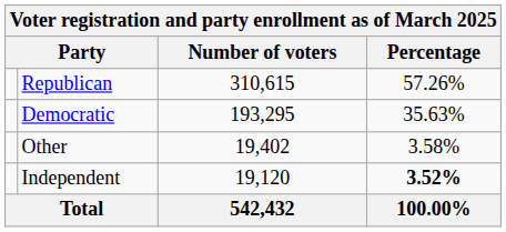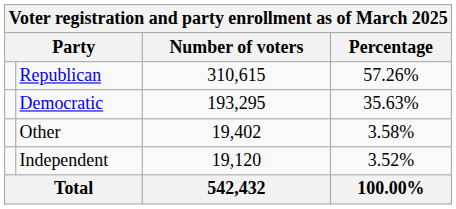 <table class="wikitable">
 <tr>
 <th colspan="6">Voter registration and party enrollment as of March 2025</th>
 </tr>
 <tr>
 <th colspan="2">Party</th>
 <th>Number of voters</th>
 <th>Percentage</th>
 </tr>
 <tr>
 <td></td>
 <td><a href='#'>Republican</a></td>
 <td style="text-align:center;">310,615</td>
 <td style="text-align:center;">57.26%</td>
 </tr>
 <tr>
 <td></td>
 <td><a href='#'>Democratic</a></td>
 <td style="text-align:center;">193,295</td>
 <td style="text-align:center;">35.63%</td>
 </tr>
 <tr>
 <td></td>
 <td>Other</td>
 <td style="text-align:center;">19,402</td>
 <td style="text-align:center;">3.58%</td>
 </tr>
 <tr>
 <td></td>
 <td>Independent</td>
 <td style="text-align:center;">19,120</td>
-<td style="text-align:center;"><strong>3.52%</strong></td>
+<td style="text-align:center;">3.52%</td>
 </tr>
 <tr>
 <th colspan="2">Total</th>
 <th style="text-align:center;">542,432</th>
 <th style="text-align:center;">100.00%</th>
 </tr>
 </table>
